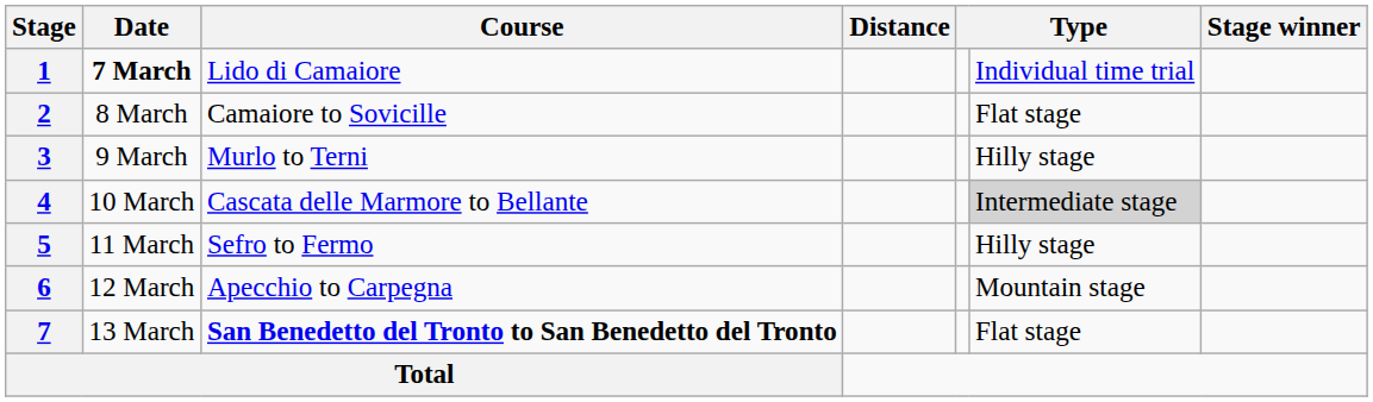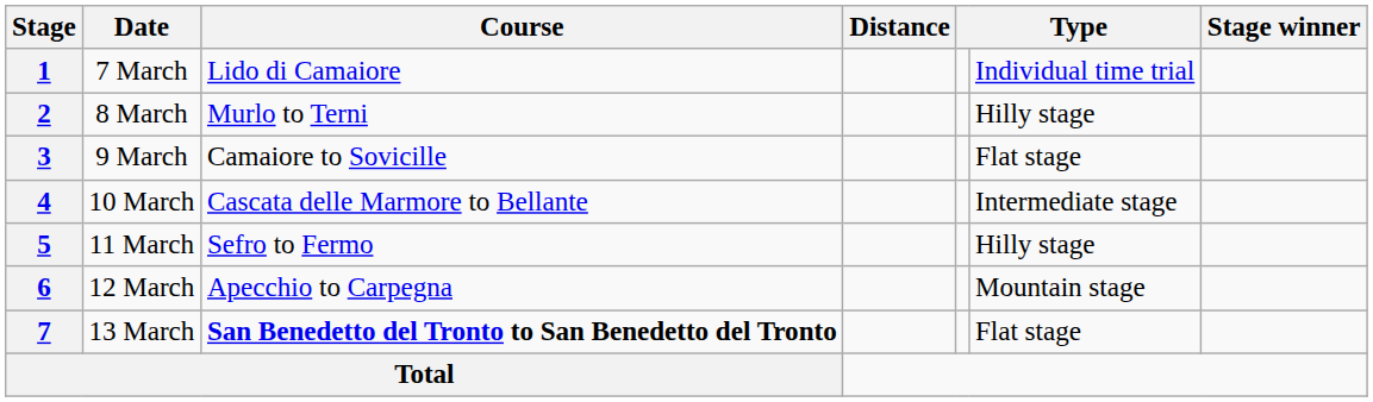 <table class="wikitable">
 <tr>
 <th scope="col">Stage</th>
 <th scope="col">Date</th>
 <th scope="col">Course</th>
 <th scope="col">Distance</th>
 <th scope="col" colspan="2">Type</th>
 <th scope="col">Stage winner</th>
 </tr>
 <tr>
 <th scope="row"><a href='#'>1</a></th>
-<td style="text-align:center;"><strong>7 March</strong></td>
+<td style="text-align:center;">7 March</td>
 <td><a href='#'>Lido di Camaiore</a></td>
 <td style="text-align:center;"></td>
 <td></td>
 <td><a href='#'>Individual time trial</a></td>
 <td></td>
 </tr>
 <tr>
 <th scope="row"><a href='#'>2</a></th>
 <td style="text-align:center;">8 March</td>
-<td>Camaiore to <a href='#'>Sovicille</a></td>
+<td><a href='#'>Murlo</a> to <a href='#'>Terni</a></td>
 <td style="text-align:center;"></td>
 <td></td>
-<td>Flat stage</td>
+<td>Hilly stage</td>
 <td></td>
 </tr>
 <tr>
 <th scope="row"><a href='#'>3</a></th>
 <td style="text-align:center;">9 March</td>
-<td><a href='#'>Murlo</a> to <a href='#'>Terni</a></td>
+<td>Camaiore to <a href='#'>Sovicille</a></td>
 <td style="text-align:center;"></td>
 <td></td>
-<td>Hilly stage</td>
+<td>Flat stage</td>
 <td></td>
 </tr>
 <tr>
 <th scope="row"><a href='#'>4</a></th>
 <td style="text-align:center;">10 March</td>
 <td><a href='#'>Cascata delle Marmore</a> to <a href='#'>Bellante</a></td>
 <td style="text-align:center;"></td>
 <td></td>
-<td style="background: lightgrey;">Intermediate stage</td>
+<td>Intermediate stage</td>
 <td></td>
 </tr>
 <tr>
 <th scope="row"><a href='#'>5</a></th>
 <td style="text-align:center;">11 March</td>
 <td><a href='#'>Sefro</a> to <a href='#'>Fermo</a></td>
 <td style="text-align:center;"></td>
 <td></td>
 <td>Hilly stage</td>
 <td></td>
 </tr>
 <tr>
 <th scope="row"><a href='#'>6</a></th>
 <td style="text-align:center;">12 March</td>
 <td><a href='#'>Apecchio</a> to <a href='#'>Carpegna</a></td>
 <td style="text-align:center;"></td>
 <td></td>
 <td>Mountain stage</td>
 <td></td>
 </tr>
 <tr>
 <th scope="row"><a href='#'>7</a></th>
 <td style="text-align:center;">13 March</td>
 <td><strong><a href='#'>San Benedetto del Tronto</a> to San Benedetto del Tronto</strong></td>
 <td style="text-align:center;"></td>
 <td></td>
 <td>Flat stage</td>
 <td></td>
 </tr>
 <tr>
 <th colspan="3">Total</th>
 <td colspan="4" style="text-align:center;"></td>
 </tr>
 </table>
